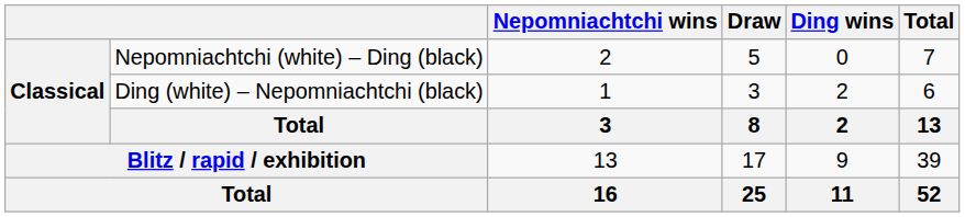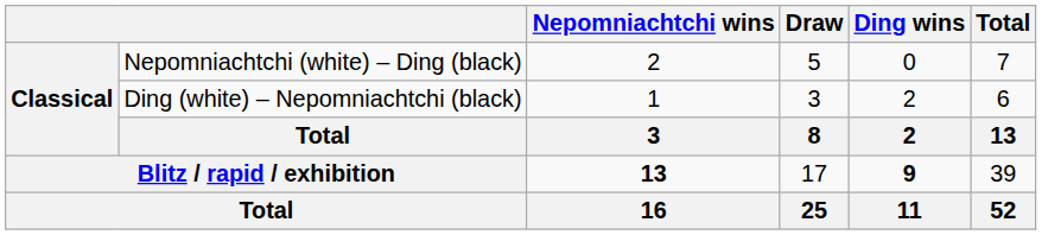 <table class="wikitable">
 <tr>
 <th colspan=2></th>
 <th><a href='#'>Nepomniachtchi</a> wins</th>
 <th>Draw</th>
 <th><a href='#'>Ding</a> wins</th>
 <th>Total</th>
 </tr>
 <tr align=center>
 <th rowspan=3>Classical</th>
 <td>Nepomniachtchi (white) – Ding (black)</td>
 <td>2</td>
 <td>5</td>
 <td>0</td>
 <td>7</td>
 </tr>
 <tr align=center>
 <td>Ding (white) – Nepomniachtchi (black)</td>
 <td>1</td>
 <td>3</td>
 <td>2</td>
 <td>6</td>
 </tr>
 <tr>
 <th>Total</th>
 <th>3</th>
 <th>8</th>
 <th>2</th>
 <th>13</th>
 </tr>
 <tr align=center>
 <th colspan=2><a href='#'>Blitz</a> / <a href='#'>rapid</a> / exhibition</th>
-<td>13</td>
+<td><strong>13</strong></td>
 <td>17</td>
-<td>9</td>
+<td><strong>9</strong></td>
 <td>39</td>
 </tr>
 <tr>
 <th colspan=2>Total</th>
 <th>16</th>
 <th>25</th>
 <th>11</th>
 <th>52</th>
 </tr>
 </table>
